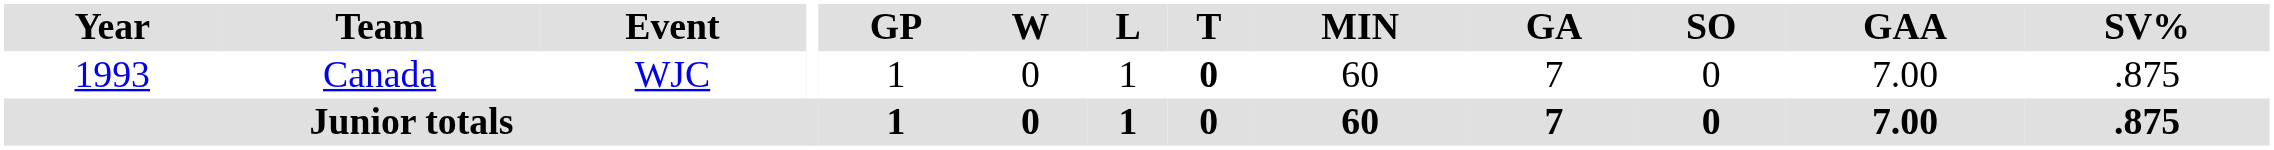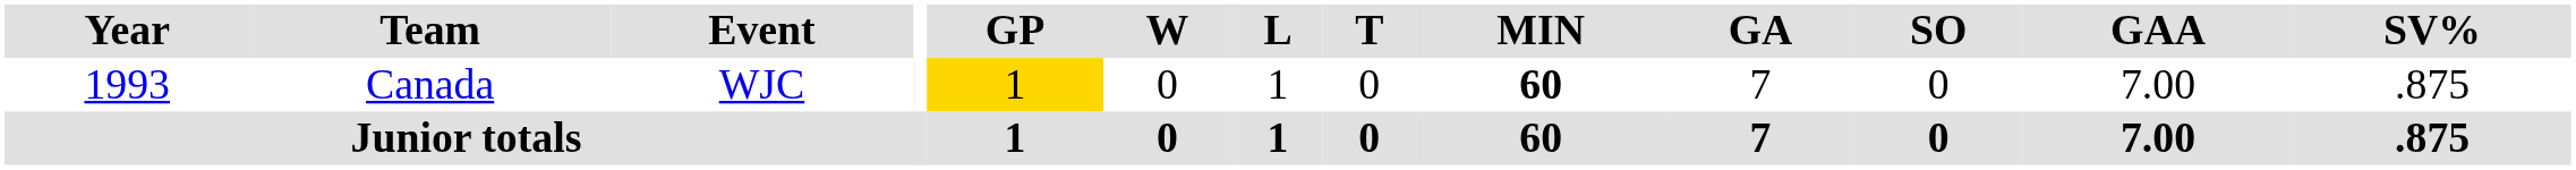 <table border="0" cellpadding="1" cellspacing="0" ID="Table3" style="text-align:center; width:60em">
 <tr ALIGN="center" bgcolor="#e0e0e0">
 <th>Year</th>
 <th>Team</th>
 <th>Event</th>
 <th rowspan="99" bgcolor="#ffffff"></th>
 <th>GP</th>
 <th>W</th>
 <th>L</th>
 <th>T</th>
 <th>MIN</th>
 <th>GA</th>
 <th>SO</th>
 <th>GAA</th>
 <th>SV%</th>
 </tr>
 <tr>
 <td><a href='#'>1993</a></td>
 <td><a href='#'>Canada</a></td>
 <td><a href='#'>WJC</a></td>
+<td style="background: gold;">1</td>
+<td>0</td>
 <td>1</td>
 <td>0</td>
-<td>1</td>
-<td><strong>0</strong></td>
-<td>60</td>
+<td><strong>60</strong></td>
 <td>7</td>
 <td>0</td>
 <td>7.00</td>
 <td>.875</td>
 </tr>
 <tr bgcolor="#e0e0e0">
 <th colspan=4>Junior totals</th>
 <th>1</th>
 <th>0</th>
 <th>1</th>
 <th>0</th>
 <th>60</th>
 <th>7</th>
 <th>0</th>
 <th>7.00</th>
 <th>.875</th>
 </tr>
 </table>
